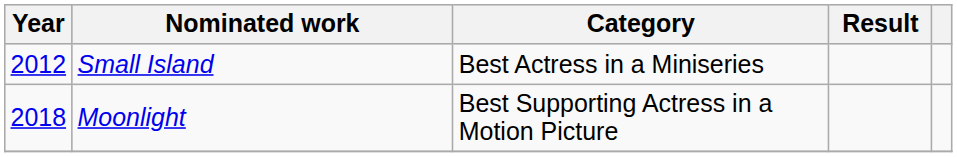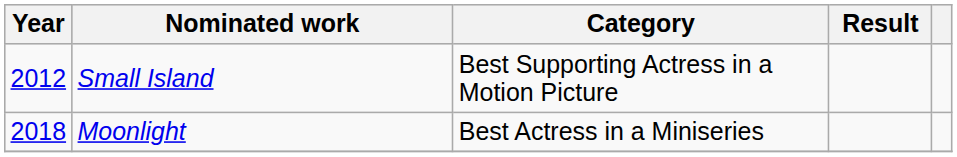 <table class="wikitable">
 <tr>
 <th scope="col" style="width:1em;">Year</th>
 <th scope="col" style="width:35em;">Nominated work</th>
 <th scope="col" style="width:35em;">Category</th>
 <th scope="col" style="width:5em;">Result</th>
 <th scope="col" style="width:1em;"></th>
 </tr>
 <tr>
 <td><a href='#'>2012</a></td>
 <td><em><a href='#'>Small Island</a></em></td>
-<td>Best Actress in a Miniseries</td>
+<td>Best Supporting Actress in a Motion Picture</td>
 <td></td>
 <td></td>
 </tr>
 <tr>
 <td><a href='#'>2018</a></td>
 <td><em><a href='#'>Moonlight</a></em></td>
-<td>Best Supporting Actress in a Motion Picture</td>
+<td>Best Actress in a Miniseries</td>
 <td></td>
 <td></td>
 </tr>
 <tr>
 </tr>
 </table>
